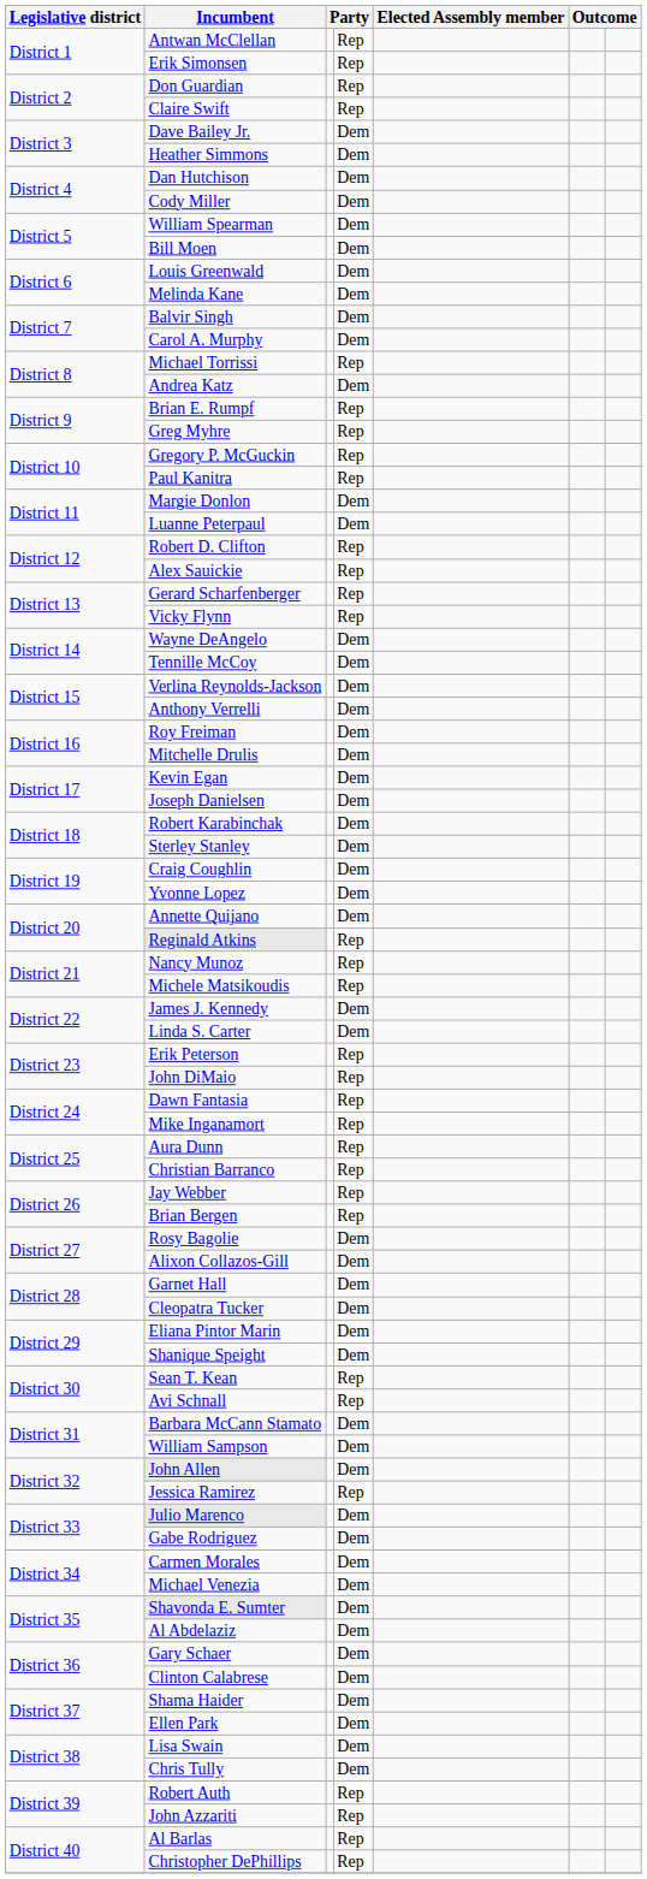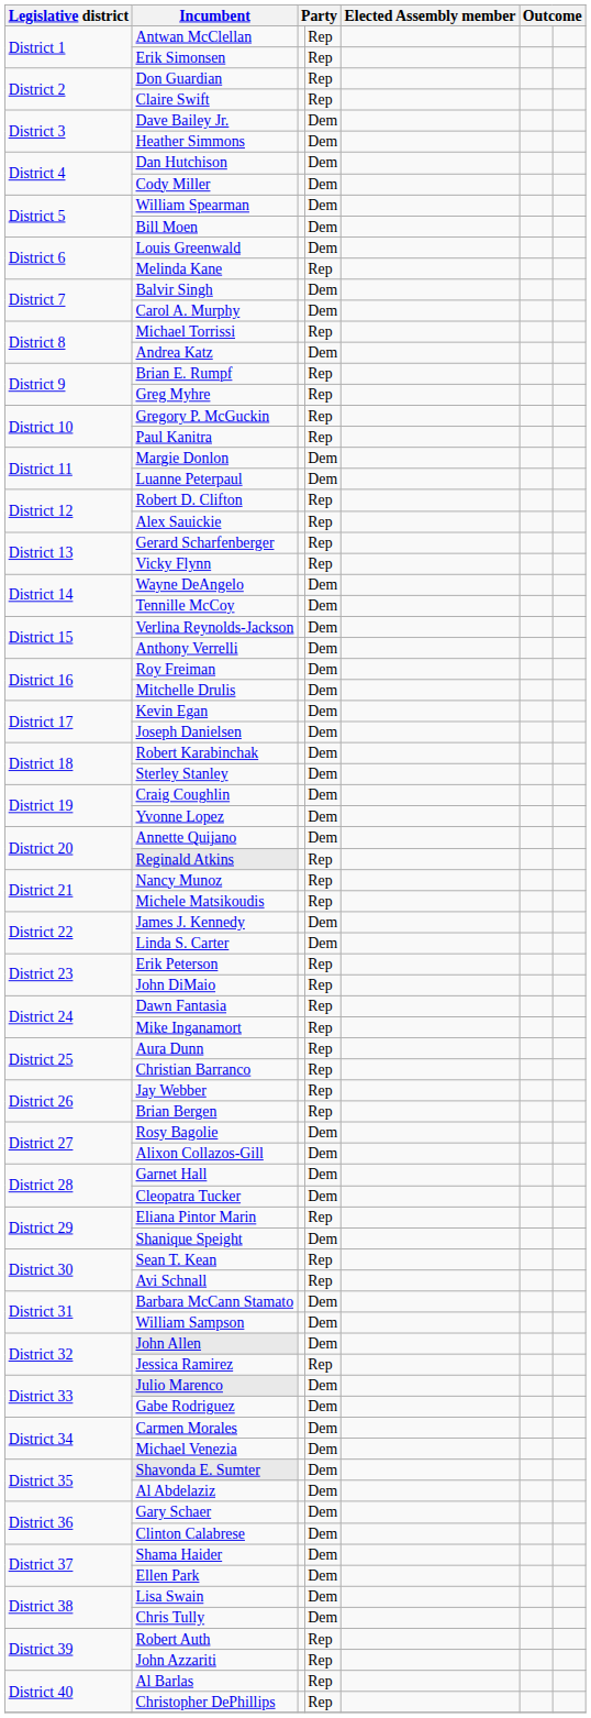 <table class="sortable wikitable" style="font-size:95%;line-height:14px;">
 <tr>
 <th colspan="1" class="sortable"><a href='#'>Legislative</a> district</th>
 <th class="unsortable"><a href='#'>Incumbent</a></th>
 <th colspan="2">Party</th>
 <th class="unsortable">Elected Assembly member</th>
 <th colspan="2">Outcome</th>
 </tr>
 <tr>
 <td rowspan="2"><a href='#'>District 1</a></td>
 <td><a href='#'>Antwan McClellan</a></td>
 <td style="background:"></td>
 <td>Rep</td>
 <td></td>
 <td></td>
 <td></td>
 </tr>
 <tr>
 <td><a href='#'>Erik Simonsen</a></td>
 <td style="background:"></td>
 <td>Rep</td>
 <td></td>
 <td></td>
 <td></td>
 </tr>
 <tr>
 <td rowspan="2"><a href='#'>District 2</a></td>
 <td><a href='#'>Don Guardian</a></td>
 <td style="background:"></td>
 <td>Rep</td>
 <td></td>
 <td></td>
 <td></td>
 </tr>
 <tr>
 <td><a href='#'>Claire Swift</a></td>
 <td style="background:"></td>
 <td>Rep</td>
 <td></td>
 <td></td>
 <td></td>
 </tr>
 <tr>
 <td rowspan="2"><a href='#'>District 3</a></td>
 <td><a href='#'>Dave Bailey Jr.</a></td>
 <td style="background:"></td>
 <td>Dem</td>
 <td></td>
 <td></td>
 <td></td>
 </tr>
 <tr>
 <td><a href='#'>Heather Simmons</a></td>
 <td style="background:"></td>
 <td>Dem</td>
 <td></td>
 <td></td>
 <td></td>
 </tr>
 <tr>
 <td rowspan="2"><a href='#'>District 4</a></td>
 <td><a href='#'>Dan Hutchison</a></td>
 <td style="background:"></td>
 <td>Dem</td>
 <td></td>
 <td></td>
 <td></td>
 </tr>
 <tr>
 <td><a href='#'>Cody Miller</a></td>
 <td style="background:"></td>
 <td>Dem</td>
 <td></td>
 <td></td>
 <td></td>
 </tr>
 <tr>
 <td rowspan="2"><a href='#'>District 5</a></td>
 <td><a href='#'>William Spearman</a></td>
 <td style="background:"></td>
 <td>Dem</td>
 <td></td>
 <td></td>
 <td></td>
 </tr>
 <tr>
 <td><a href='#'>Bill Moen</a></td>
 <td style="background:"></td>
 <td>Dem</td>
 <td></td>
 <td></td>
 <td></td>
 </tr>
 <tr>
 <td rowspan="2"><a href='#'>District 6</a></td>
 <td><a href='#'>Louis Greenwald</a></td>
 <td style="background:"></td>
 <td>Dem</td>
 <td></td>
 <td></td>
 <td></td>
 </tr>
 <tr>
 <td><a href='#'>Melinda Kane</a></td>
 <td style="background:"></td>
-<td>Dem</td>
+<td>Rep</td>
 <td></td>
 <td></td>
 <td></td>
 </tr>
 <tr>
 <td rowspan="2"><a href='#'>District 7</a></td>
 <td><a href='#'>Balvir Singh</a></td>
 <td style="background:"></td>
 <td>Dem</td>
 <td></td>
 <td></td>
 <td></td>
 </tr>
 <tr>
 <td><a href='#'>Carol A. Murphy</a></td>
 <td style="background:"></td>
 <td>Dem</td>
 <td></td>
 <td></td>
 <td></td>
 </tr>
 <tr>
 <td rowspan="2"><a href='#'>District 8</a></td>
 <td><a href='#'>Michael Torrissi</a></td>
 <td style="background:"></td>
 <td>Rep</td>
 <td></td>
 <td></td>
 <td></td>
 </tr>
 <tr>
 <td><a href='#'>Andrea Katz</a></td>
 <td style="background:"></td>
 <td>Dem</td>
 <td></td>
 <td></td>
 <td></td>
 </tr>
 <tr>
 <td rowspan="2"><a href='#'>District 9</a></td>
 <td><a href='#'>Brian E. Rumpf</a></td>
 <td style="background:"></td>
 <td>Rep</td>
 <td></td>
 <td></td>
 <td></td>
 </tr>
 <tr>
 <td><a href='#'>Greg Myhre</a></td>
 <td style="background:"></td>
 <td>Rep</td>
 <td></td>
 <td></td>
 <td></td>
 </tr>
 <tr>
 <td rowspan="2"><a href='#'>District 10</a></td>
 <td><a href='#'>Gregory P. McGuckin</a></td>
 <td style="background:"></td>
 <td>Rep</td>
 <td></td>
 <td></td>
 <td></td>
 </tr>
 <tr>
 <td><a href='#'>Paul Kanitra</a></td>
 <td style="background:"></td>
 <td>Rep</td>
 <td></td>
 <td></td>
 <td></td>
 </tr>
 <tr>
 <td rowspan="2"><a href='#'>District 11</a></td>
 <td><a href='#'>Margie Donlon</a></td>
 <td style="background:"></td>
 <td>Dem</td>
 <td></td>
 <td></td>
 <td></td>
 </tr>
 <tr>
 <td><a href='#'>Luanne Peterpaul</a></td>
 <td style="background:"></td>
 <td>Dem</td>
 <td></td>
 <td></td>
 <td></td>
 </tr>
 <tr>
 <td rowspan="2"><a href='#'>District 12</a></td>
 <td><a href='#'>Robert D. Clifton</a></td>
 <td style="background:"></td>
 <td>Rep</td>
 <td></td>
 <td></td>
 <td></td>
 </tr>
 <tr>
 <td><a href='#'>Alex Sauickie</a></td>
 <td style="background:"></td>
 <td>Rep</td>
 <td></td>
 <td></td>
 <td></td>
 </tr>
 <tr>
 <td rowspan="2"><a href='#'>District 13</a></td>
 <td><a href='#'>Gerard Scharfenberger</a></td>
 <td style="background:"></td>
 <td>Rep</td>
 <td></td>
 <td></td>
 <td></td>
 </tr>
 <tr>
 <td><a href='#'>Vicky Flynn</a></td>
 <td style="background:"></td>
 <td>Rep</td>
 <td></td>
 <td></td>
 <td></td>
 </tr>
 <tr>
 <td rowspan="2"><a href='#'>District 14</a></td>
 <td><a href='#'>Wayne DeAngelo</a></td>
 <td style="background:"></td>
 <td>Dem</td>
 <td></td>
 <td></td>
 <td></td>
 </tr>
 <tr>
 <td><a href='#'>Tennille McCoy</a></td>
 <td style="background:"></td>
 <td>Dem</td>
 <td></td>
 <td></td>
 <td></td>
 </tr>
 <tr>
 <td rowspan="2"><a href='#'>District 15</a></td>
 <td><a href='#'>Verlina Reynolds-Jackson</a></td>
 <td style="background:"></td>
 <td>Dem</td>
 <td></td>
 <td></td>
 <td></td>
 </tr>
 <tr>
 <td><a href='#'>Anthony Verrelli</a></td>
 <td style="background:"></td>
 <td>Dem</td>
 <td></td>
 <td></td>
 <td></td>
 </tr>
 <tr>
 <td rowspan="2"><a href='#'>District 16</a></td>
 <td><a href='#'>Roy Freiman</a></td>
 <td style="background:"></td>
 <td>Dem</td>
 <td></td>
 <td></td>
 <td></td>
 </tr>
 <tr>
 <td><a href='#'>Mitchelle Drulis</a></td>
 <td style="background:"></td>
 <td>Dem</td>
 <td></td>
 <td></td>
 <td></td>
 </tr>
 <tr>
 <td rowspan="2"><a href='#'>District 17</a></td>
 <td><a href='#'>Kevin Egan</a></td>
 <td style="background:"></td>
 <td>Dem</td>
 <td></td>
 <td></td>
 <td></td>
 </tr>
 <tr>
 <td><a href='#'>Joseph Danielsen</a></td>
 <td style="background:"></td>
 <td>Dem</td>
 <td></td>
 <td></td>
 <td></td>
 </tr>
 <tr>
 <td rowspan="2"><a href='#'>District 18</a></td>
 <td><a href='#'>Robert Karabinchak</a></td>
 <td style="background:"></td>
 <td>Dem</td>
 <td></td>
 <td></td>
 <td></td>
 </tr>
 <tr>
 <td><a href='#'>Sterley Stanley</a></td>
 <td style="background:"></td>
 <td>Dem</td>
 <td></td>
 <td></td>
 <td></td>
 </tr>
 <tr>
 <td rowspan="2"><a href='#'>District 19</a></td>
 <td><a href='#'>Craig Coughlin</a></td>
 <td style="background:"></td>
 <td>Dem</td>
 <td></td>
 <td></td>
 <td></td>
 </tr>
 <tr>
 <td><a href='#'>Yvonne Lopez</a></td>
 <td style="background:"></td>
 <td>Dem</td>
 <td></td>
 <td></td>
 <td></td>
 </tr>
 <tr>
 <td rowspan="2"><a href='#'>District 20</a></td>
 <td><a href='#'>Annette Quijano</a></td>
 <td style="background:"></td>
 <td>Dem</td>
 <td></td>
 <td></td>
 <td></td>
 </tr>
 <tr>
 <td style="background:#E9E9E9;"><a href='#'>Reginald Atkins</a></td>
 <td style="background:"></td>
 <td>Rep</td>
 <td></td>
 <td></td>
 <td></td>
 </tr>
 <tr>
 <td rowspan="2"><a href='#'>District 21</a></td>
 <td><a href='#'>Nancy Munoz</a></td>
 <td style="background:"></td>
 <td>Rep</td>
 <td></td>
 <td></td>
 <td></td>
 </tr>
 <tr>
 <td><a href='#'>Michele Matsikoudis</a></td>
 <td style="background:"></td>
 <td>Rep</td>
 <td></td>
 <td></td>
 <td></td>
 </tr>
 <tr>
 <td rowspan="2"><a href='#'>District 22</a></td>
 <td><a href='#'>James J. Kennedy</a></td>
 <td style="background:"></td>
 <td>Dem</td>
 <td></td>
 <td></td>
 <td></td>
 </tr>
 <tr>
 <td><a href='#'>Linda S. Carter</a></td>
 <td style="background:"></td>
 <td>Dem</td>
 <td></td>
 <td></td>
 <td></td>
 </tr>
 <tr>
 <td rowspan="2"><a href='#'>District 23</a></td>
 <td><a href='#'>Erik Peterson</a></td>
 <td style="background:"></td>
 <td>Rep</td>
 <td></td>
 <td></td>
 <td></td>
 </tr>
 <tr>
 <td><a href='#'>John DiMaio</a></td>
 <td style="background:"></td>
 <td>Rep</td>
 <td></td>
 <td></td>
 <td></td>
 </tr>
 <tr>
 <td rowspan="2"><a href='#'>District 24</a></td>
 <td><a href='#'>Dawn Fantasia</a></td>
 <td style="background:"></td>
 <td>Rep</td>
 <td></td>
 <td></td>
 <td></td>
 </tr>
 <tr>
 <td><a href='#'>Mike Inganamort</a></td>
 <td style="background:"></td>
 <td>Rep</td>
 <td></td>
 <td></td>
 <td></td>
 </tr>
 <tr>
 <td rowspan="2"><a href='#'>District 25</a></td>
 <td><a href='#'>Aura Dunn</a></td>
 <td style="background:"></td>
 <td>Rep</td>
 <td></td>
 <td></td>
 <td></td>
 </tr>
 <tr>
 <td><a href='#'>Christian Barranco</a></td>
 <td style="background:"></td>
 <td>Rep</td>
 <td></td>
 <td></td>
 <td></td>
 </tr>
 <tr>
 <td rowspan="2"><a href='#'>District 26</a></td>
 <td><a href='#'>Jay Webber</a></td>
 <td style="background:"></td>
 <td>Rep</td>
 <td></td>
 <td></td>
 <td></td>
 </tr>
 <tr>
 <td><a href='#'>Brian Bergen</a></td>
 <td style="background:"></td>
 <td>Rep</td>
 <td></td>
 <td></td>
 <td></td>
 </tr>
 <tr>
 <td rowspan="2"><a href='#'>District 27</a></td>
 <td><a href='#'>Rosy Bagolie</a></td>
 <td style="background:"></td>
 <td>Dem</td>
 <td></td>
 <td></td>
 <td></td>
 </tr>
 <tr>
 <td><a href='#'>Alixon Collazos-Gill</a></td>
 <td style="background:"></td>
 <td>Dem</td>
 <td></td>
 <td></td>
 <td></td>
 </tr>
 <tr>
 <td rowspan="2"><a href='#'>District 28</a></td>
 <td><a href='#'>Garnet Hall</a></td>
 <td style="background:"></td>
 <td>Dem</td>
 <td></td>
 <td></td>
 <td></td>
 </tr>
 <tr>
 <td><a href='#'>Cleopatra Tucker</a></td>
 <td style="background:"></td>
 <td>Dem</td>
 <td></td>
 <td></td>
 <td></td>
 </tr>
 <tr>
 <td rowspan="2"><a href='#'>District 29</a></td>
 <td><a href='#'>Eliana Pintor Marin</a></td>
 <td style="background:"></td>
-<td>Dem</td>
+<td>Rep</td>
 <td></td>
 <td></td>
 <td></td>
 </tr>
 <tr>
 <td><a href='#'>Shanique Speight</a></td>
 <td style="background:"></td>
 <td>Dem</td>
 <td></td>
 <td></td>
 <td></td>
 </tr>
 <tr>
 <td rowspan="2"><a href='#'>District 30</a></td>
 <td><a href='#'>Sean T. Kean</a></td>
 <td style="background:"></td>
 <td>Rep</td>
 <td></td>
 <td></td>
 <td></td>
 </tr>
 <tr>
 <td><a href='#'>Avi Schnall</a></td>
 <td style="background:"></td>
 <td>Rep</td>
 <td></td>
 <td></td>
 <td></td>
 </tr>
 <tr>
 <td rowspan="2"><a href='#'>District 31</a></td>
 <td><a href='#'>Barbara McCann Stamato</a></td>
 <td style="background:"></td>
 <td>Dem</td>
 <td></td>
 <td></td>
 <td></td>
 </tr>
 <tr>
 <td><a href='#'>William Sampson</a></td>
 <td style="background:"></td>
 <td>Dem</td>
 <td></td>
 <td></td>
 <td></td>
 </tr>
 <tr>
 <td rowspan="2"><a href='#'>District 32</a></td>
 <td style="background:#E9E9E9;"><a href='#'>John Allen</a></td>
 <td style="background:"></td>
 <td>Dem</td>
 <td></td>
 <td></td>
 <td></td>
 </tr>
 <tr>
 <td><a href='#'>Jessica Ramirez</a></td>
 <td style="background:"></td>
 <td>Rep</td>
 <td></td>
 <td></td>
 <td></td>
 </tr>
 <tr>
 <td rowspan="2"><a href='#'>District 33</a></td>
 <td style="background:#E9E9E9;"><a href='#'>Julio Marenco</a></td>
 <td style="background:"></td>
 <td>Dem</td>
 <td></td>
 <td></td>
 <td></td>
 </tr>
 <tr>
 <td><a href='#'>Gabe Rodriguez</a></td>
 <td style="background:"></td>
 <td>Dem</td>
 <td></td>
 <td></td>
 <td></td>
 </tr>
 <tr>
 <td rowspan="2"><a href='#'>District 34</a></td>
 <td><a href='#'>Carmen Morales</a></td>
 <td style="background:"></td>
 <td>Dem</td>
 <td></td>
 <td></td>
 <td></td>
 </tr>
 <tr>
 <td><a href='#'>Michael Venezia</a></td>
 <td style="background:"></td>
 <td>Dem</td>
 <td></td>
 <td></td>
 <td></td>
 </tr>
 <tr>
 <td rowspan="2"><a href='#'>District 35</a></td>
 <td style="background:#E9E9E9;"><a href='#'>Shavonda E. Sumter</a></td>
 <td style="background:"></td>
 <td>Dem</td>
 <td></td>
 <td></td>
 <td></td>
 </tr>
 <tr>
 <td><a href='#'>Al Abdelaziz</a></td>
 <td style="background:"></td>
 <td>Dem</td>
 <td></td>
 <td></td>
 <td></td>
 </tr>
 <tr>
 <td rowspan="2"><a href='#'>District 36</a></td>
 <td><a href='#'>Gary Schaer</a></td>
 <td style="background:"></td>
 <td>Dem</td>
 <td></td>
 <td></td>
 <td></td>
 </tr>
 <tr>
 <td><a href='#'>Clinton Calabrese</a></td>
 <td style="background:"></td>
 <td>Dem</td>
 <td></td>
 <td></td>
 <td></td>
 </tr>
 <tr>
 <td rowspan="2"><a href='#'>District 37</a></td>
 <td><a href='#'>Shama Haider</a></td>
 <td style="background:"></td>
 <td>Dem</td>
 <td></td>
 <td></td>
 <td></td>
 </tr>
 <tr>
 <td><a href='#'>Ellen Park</a></td>
 <td style="background:"></td>
 <td>Dem</td>
 <td></td>
 <td></td>
 <td></td>
 </tr>
 <tr>
 <td rowspan="2"><a href='#'>District 38</a></td>
 <td><a href='#'>Lisa Swain</a></td>
 <td style="background:"></td>
 <td>Dem</td>
 <td></td>
 <td></td>
 <td></td>
 </tr>
 <tr>
 <td><a href='#'>Chris Tully</a></td>
 <td style="background:"></td>
 <td>Dem</td>
 <td></td>
 <td></td>
 <td></td>
 </tr>
 <tr>
 <td rowspan="2"><a href='#'>District 39</a></td>
 <td><a href='#'>Robert Auth</a></td>
 <td style="background:"></td>
 <td>Rep</td>
 <td></td>
 <td></td>
 <td></td>
 </tr>
 <tr>
 <td><a href='#'>John Azzariti</a></td>
 <td style="background:"></td>
 <td>Rep</td>
 <td></td>
 <td></td>
 <td></td>
 </tr>
 <tr>
 <td rowspan="2"><a href='#'>District 40</a></td>
 <td><a href='#'>Al Barlas</a></td>
 <td style="background:"></td>
 <td>Rep</td>
 <td></td>
 <td style="background:"></td>
 <td></td>
 </tr>
 <tr>
 <td><a href='#'>Christopher DePhillips</a></td>
 <td style="background:"></td>
 <td>Rep</td>
 <td></td>
 <td style="background:"></td>
 <td></td>
 </tr>
 <tr>
 </tr>
 </table>
